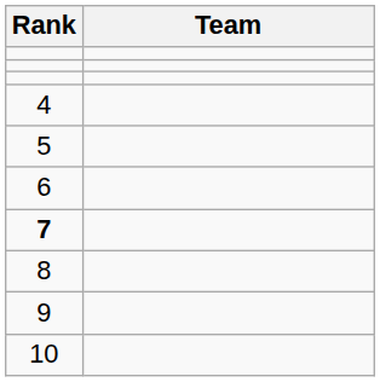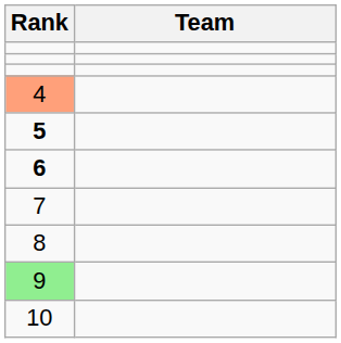 <table class="wikitable" style="text-align:center;">
 <tr>
 <th>Rank</th>
 <th width=170>Team</th>
 </tr>
 <tr>
 <td></td>
 <td align=left></td>
 </tr>
 <tr>
 <td></td>
 <td align=left></td>
 </tr>
 <tr>
 <td></td>
 <td align=left></td>
 </tr>
 <tr>
-<td>4</td>
+<td style="background: lightsalmon;">4</td>
 <td align=left></td>
 </tr>
 <tr>
-<td>5</td>
+<td><strong>5</strong></td>
 <td align=left></td>
 </tr>
 <tr>
-<td>6</td>
+<td><strong>6</strong></td>
 <td align=left></td>
 </tr>
 <tr>
-<td><strong>7</strong></td>
+<td>7</td>
 <td align=left></td>
 </tr>
 <tr>
 <td>8</td>
 <td align=left></td>
 </tr>
 <tr>
-<td>9</td>
+<td style="background: lightgreen;">9</td>
 <td align=left></td>
 </tr>
 <tr>
 <td>10</td>
 <td align=left></td>
 </tr>
 </table>
